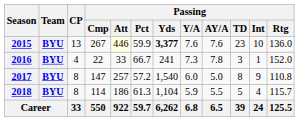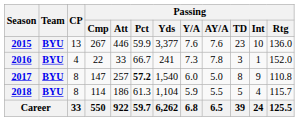 <table class="wikitable" style="text-align:center;">
 <tr>
 <th rowspan="2">Season</th>
 <th rowspan="2">Team</th>
 <th rowspan="2">CP</th>
 <th colspan="9">Passing</th>
 </tr>
 <tr>
 <th>Cmp</th>
 <th>Att</th>
 <th>Pct</th>
 <th>Yds</th>
 <th>Y/A</th>
 <th>AY/A</th>
 <th>TD</th>
 <th>Int</th>
 <th>Rtg</th>
 </tr>
 <tr>
 <th><a href='#'>2015</a></th>
 <th><a href='#'>BYU</a></th>
 <td>13</td>
 <td>267</td>
-<td style="background: lightyellow;">446</td>
+<td>446</td>
 <td>59.9</td>
-<td><strong>3,377</strong></td>
+<td>3,377</td>
 <td>7.6</td>
 <td>7.6</td>
 <td>23</td>
 <td>10</td>
 <td>136.0</td>
 </tr>
 <tr>
 <th><a href='#'>2016</a></th>
 <th><a href='#'>BYU</a></th>
 <td>4</td>
 <td>22</td>
 <td>33</td>
 <td>66.7</td>
 <td>241</td>
 <td>7.3</td>
 <td>7.8</td>
 <td>3</td>
 <td>1</td>
 <td>152.0</td>
 </tr>
 <tr>
 <th><a href='#'>2017</a></th>
 <th><a href='#'>BYU</a></th>
 <td>8</td>
 <td>147</td>
 <td>257</td>
-<td>57.2</td>
+<td><strong>57.2</strong></td>
 <td>1,540</td>
 <td>6.0</td>
 <td>5.0</td>
 <td>8</td>
 <td>9</td>
 <td>110.8</td>
 </tr>
 <tr>
 <th><a href='#'>2018</a></th>
 <th><a href='#'>BYU</a></th>
 <td>8</td>
 <td>114</td>
 <td>186</td>
 <td>61.3</td>
 <td>1,104</td>
 <td>5.9</td>
 <td>5.5</td>
 <td>5</td>
 <td>4</td>
 <td>115.7</td>
 </tr>
 <tr>
 <th colspan="2">Career</th>
 <th>33</th>
 <th>550</th>
 <th>922</th>
 <th>59.7</th>
 <th>6,262</th>
 <th>6.8</th>
 <th>6.5</th>
 <th>39</th>
 <th>24</th>
 <th>125.5</th>
 </tr>
 </table>
